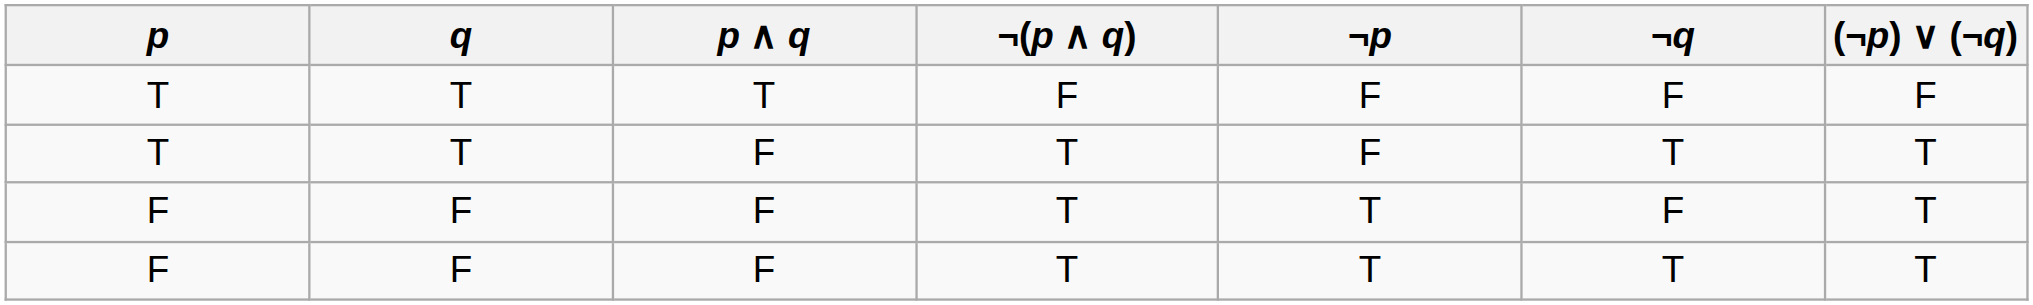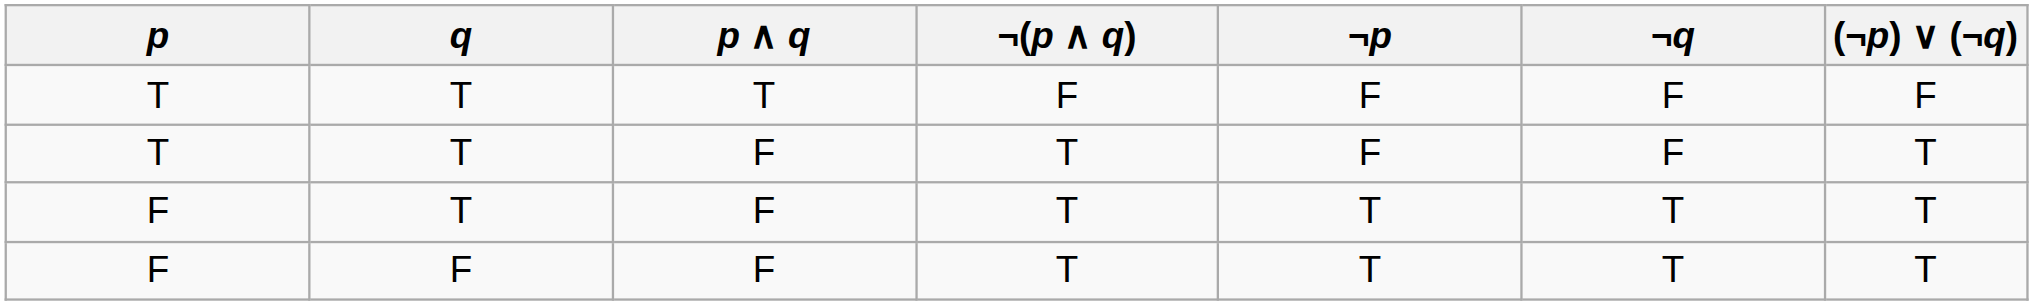 <table class="wikitable" style="margin:1em auto; text-align:center;">
 <tr>
 <th style="width:15%"><em>p</em></th>
 <th style="width:15%"><em>q</em></th>
 <th style="width:15%"><em>p</em> ∧ <em>q</em></th>
 <th style="width:15%">¬(<em>p</em> ∧ <em>q</em>)</th>
 <th style="width:15%">¬<em>p</em></th>
 <th style="width:15%">¬<em>q</em></th>
 <th style="width:15%">(¬<em>p</em>) ∨ (¬<em>q</em>)</th>
 </tr>
 <tr>
 <td>T</td>
 <td>T</td>
 <td>T</td>
 <td>F</td>
 <td>F</td>
 <td>F</td>
 <td>F</td>
 </tr>
 <tr>
 <td>T</td>
 <td>T</td>
 <td>F</td>
 <td>T</td>
 <td>F</td>
-<td>T</td>
+<td>F</td>
 <td>T</td>
 </tr>
 <tr>
 <td>F</td>
-<td>F</td>
+<td>T</td>
 <td>F</td>
 <td>T</td>
 <td>T</td>
-<td>F</td>
+<td>T</td>
 <td>T</td>
 </tr>
 <tr>
 <td>F</td>
 <td>F</td>
 <td>F</td>
 <td>T</td>
 <td>T</td>
 <td>T</td>
 <td>T</td>
 </tr>
 </table>
